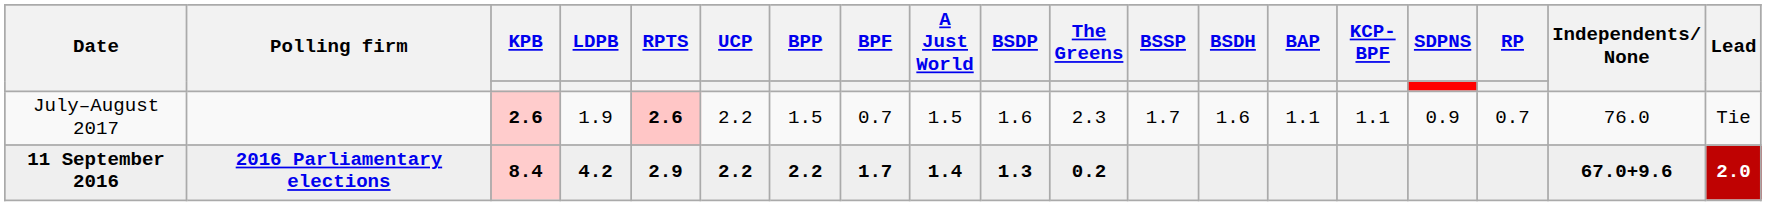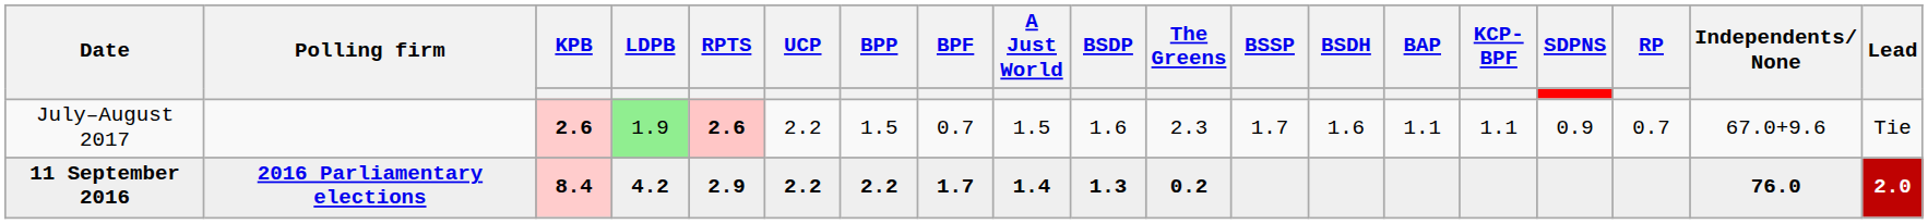 <table class="wikitable" style="text-align:center;font-size:85%;line-height:13px">
 <tr style="height:30px; background-color:#E9E9E9">
 <th style="width:100px;" rowspan="2">Date</th>
 <th style="width:170px;" rowspan="2">Polling firm</th>
 <th style="width:35px;"><a href='#'>KPB</a></th>
 <th style="width:35px;"><a href='#'>LDPB</a></th>
 <th style="width:35px;"><a href='#'>RPTS</a></th>
 <th style="width:35px;"><a href='#'>UCP</a></th>
 <th style="width:35px;"><a href='#'>BPP</a></th>
 <th style="width:35px;"><a href='#'>BPF</a></th>
 <th style="width:35px;"><a href='#'>A Just World</a></th>
 <th style="width:35px;"><a href='#'>BSDP</a></th>
 <th style="width:35px;"><a href='#'>The Greens</a></th>
 <th style="width:35px;"><a href='#'>BSSP</a></th>
 <th style="width:35px;"><a href='#'>BSDH</a></th>
 <th style="width:35px;"><a href='#'>BAP</a></th>
 <th style="width:35px;"><a href='#'>KCP-BPF</a></th>
 <th style="width:35px;"><a href='#'>SDPNS</a></th>
 <th style="width:35px;"><a href='#'>RP</a></th>
 <th style="width:35px;" rowspan="2">Independents/<br>None</th>
 <th style="width:25px;" rowspan="2">Lead</th>
 </tr>
 <tr>
 <th style="background:"></th>
 <th style="background:"></th>
 <th style="background:"></th>
 <th style="background:"></th>
 <th style="background:"></th>
 <th style="background:"></th>
 <th style="background:"></th>
 <th style="background:"></th>
 <th style="background:"></th>
 <th style="background:"></th>
 <th style="background:"></th>
 <th style="background:"></th>
 <th style="background:"></th>
 <th style="background:red;"></th>
 <th style="background:"></th>
 </tr>
 <tr>
 <td>July–August 2017</td>
 <td></td>
 <td style="background:#ffcccc"><strong>2.6</strong></td>
-<td>1.9</td>
+<td style="background: lightgreen;">1.9</td>
 <td style="background:#ffc6c6"><strong>2.6</strong></td>
 <td>2.2</td>
 <td>1.5</td>
 <td>0.7</td>
 <td>1.5</td>
 <td>1.6</td>
 <td>2.3</td>
 <td>1.7</td>
 <td>1.6</td>
 <td>1.1</td>
 <td>1.1</td>
 <td>0.9</td>
 <td>0.7</td>
-<td>76.0</td>
+<td>67.0+9.6</td>
 <td>Tie</td>
 </tr>
 <tr style="background:#EFEFEF; font-weight:bold;">
 <td>11 September 2016</td>
 <td><a href='#'>2016 Parliamentary elections</a></td>
 <td style="background:#ffcccc"><strong>8.4</strong></td>
 <td>4.2</td>
 <td>2.9</td>
 <td>2.2</td>
 <td>2.2</td>
 <td>1.7</td>
 <td>1.4</td>
 <td>1.3</td>
 <td>0.2</td>
 <td></td>
 <td></td>
 <td></td>
 <td></td>
 <td></td>
 <td></td>
-<td>67.0+9.6</td>
+<td>76.0</td>
 <td style="background:#BF0202; color:white;"><strong>2.0</strong></td>
 </tr>
 </table>
